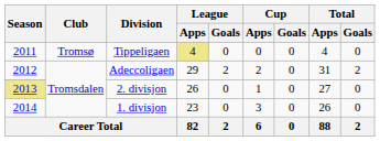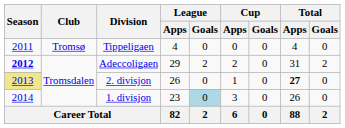 <table class="wikitable" style="text-align: center;">
 <tr>
 <th rowspan="2">Season</th>
 <th rowspan="2">Club</th>
 <th rowspan="2">Division</th>
 <th colspan="2">League</th>
 <th colspan="2">Cup</th>
 <th colspan="2">Total</th>
 </tr>
 <tr>
 <th>Apps</th>
 <th>Goals</th>
 <th>Apps</th>
 <th>Goals</th>
 <th>Apps</th>
 <th>Goals</th>
 </tr>
 <tr>
 <td><a href='#'>2011</a></td>
 <td rowspan="1" valign="center"><a href='#'>Tromsø</a></td>
 <td rowspan="1" valign="center"><a href='#'>Tippeligaen</a></td>
-<td style="background: khaki;">4</td>
+<td>4</td>
 <td>0</td>
 <td>0</td>
 <td>0</td>
 <td>4</td>
 <td>0</td>
 </tr>
 <tr>
-<td><a href='#'>2012</a></td>
+<td><strong><a href='#'>2012</a></strong></td>
 <td rowspan="3" valign="center"><a href='#'>Tromsdalen</a></td>
 <td rowspan="1" valign="center"><a href='#'>Adeccoligaen</a></td>
 <td>29</td>
 <td>2</td>
 <td>2</td>
 <td>0</td>
 <td>31</td>
 <td>2</td>
 </tr>
 <tr>
 <td style="background: khaki;"><a href='#'>2013</a></td>
 <td rowspan="1" valign="center"><a href='#'>2. divisjon</a></td>
 <td>26</td>
 <td>0</td>
 <td>1</td>
 <td>0</td>
-<td>27</td>
+<td><strong>27</strong></td>
 <td>0</td>
 </tr>
 <tr>
 <td><a href='#'>2014</a></td>
 <td rowspan="1" valign="center"><a href='#'>1. divisjon</a></td>
 <td>23</td>
-<td>0</td>
+<td style="background: lightblue;">0</td>
 <td>3</td>
 <td>0</td>
 <td>26</td>
 <td>0</td>
 </tr>
 <tr>
 <th colspan="3">Career Total</th>
 <th>82</th>
 <th>2</th>
 <th>6</th>
 <th>0</th>
 <th>88</th>
 <th>2</th>
 </tr>
 </table>
